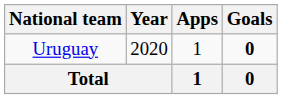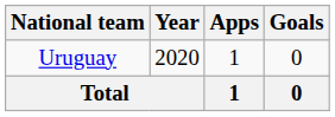 <table class="wikitable" style="text-align:center">
 <tr>
 <th>National team</th>
 <th>Year</th>
 <th>Apps</th>
 <th>Goals</th>
 </tr>
 <tr>
 <td rowspan=1><a href='#'>Uruguay</a></td>
 <td>2020</td>
 <td>1</td>
-<td><strong>0</strong></td>
+<td>0</td>
 </tr>
 <tr>
 <th colspan=2>Total</th>
 <th>1</th>
 <th>0</th>
 </tr>
 </table>
